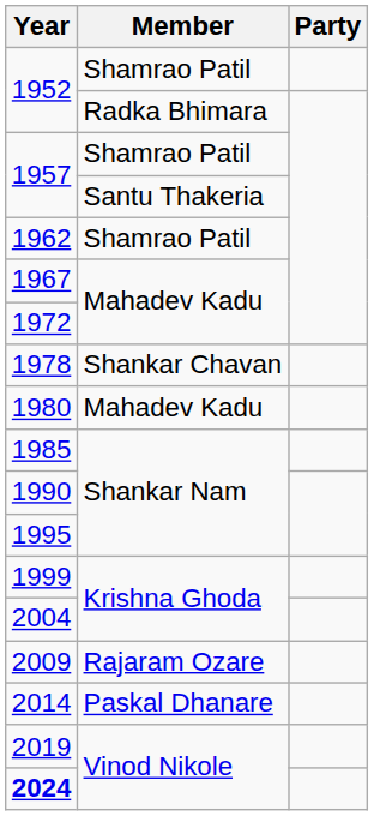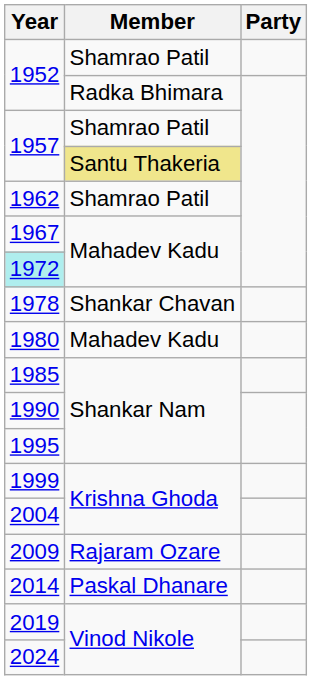 <table class="wikitable">
 <tr>
 <th>Year</th>
 <th>Member</th>
 <th colspan="2">Party</th>
 </tr>
 <tr>
 <td rowspan="2"><a href='#'>1952</a></td>
 <td>Shamrao Patil</td>
 <td></td>
 </tr>
 <tr>
 <td>Radka Bhimara</td>
 </tr>
 <tr>
 <td rowspan="2"><a href='#'>1957</a></td>
 <td>Shamrao Patil</td>
 </tr>
 <tr>
-<td>Santu Thakeria</td>
+<td style="background: khaki;">Santu Thakeria</td>
 </tr>
 <tr>
 <td><a href='#'>1962</a></td>
 <td>Shamrao Patil</td>
 </tr>
 <tr>
 <td><a href='#'>1967</a></td>
 <td rowspan="2">Mahadev Kadu</td>
 </tr>
 <tr>
-<td><a href='#'>1972</a></td>
+<td style="background: paleturquoise;"><a href='#'>1972</a></td>
 </tr>
 <tr>
 <td><a href='#'>1978</a></td>
 <td>Shankar Chavan</td>
 <td></td>
 </tr>
 <tr>
 <td><a href='#'>1980</a></td>
 <td>Mahadev Kadu</td>
 <td></td>
 </tr>
 <tr>
 <td><a href='#'>1985</a></td>
 <td rowspan="3">Shankar Nam</td>
 <td></td>
 </tr>
 <tr>
 <td><a href='#'>1990</a></td>
 </tr>
 <tr>
 <td><a href='#'>1995</a></td>
 </tr>
 <tr>
 <td><a href='#'>1999</a></td>
 <td rowspan="2"><a href='#'>Krishna Ghoda</a></td>
 <td></td>
 </tr>
 <tr>
 <td><a href='#'>2004</a></td>
 </tr>
 <tr>
 <td><a href='#'>2009</a></td>
 <td><a href='#'>Rajaram Ozare</a></td>
 <td></td>
 </tr>
 <tr>
 <td><a href='#'>2014</a></td>
 <td><a href='#'>Paskal Dhanare</a></td>
 <td></td>
 </tr>
 <tr>
 <td><a href='#'>2019</a></td>
 <td rowspan="2"><a href='#'>Vinod Nikole</a></td>
 <td></td>
 </tr>
 <tr>
-<td><strong><a href='#'>2024</a></strong></td>
+<td><a href='#'>2024</a></td>
 </tr>
 </table>
